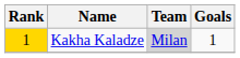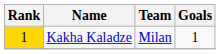 <table class="wikitable" style="text-align: center;">
 <tr>
 <th>Rank</th>
 <th>Name</th>
 <th>Team</th>
 <th>Goals</th>
 </tr>
 <tr>
 <td style="background: gold;">1</td>
 <td align="left"> <a href='#'>Kakha Kaladze</a></td>
-<td align="left" style="background: lightgrey;"> <a href='#'>Milan</a></td>
+<td align="left"> <a href='#'>Milan</a></td>
 <td>1</td>
 </tr>
 <tr>
 </tr>
 </table>
